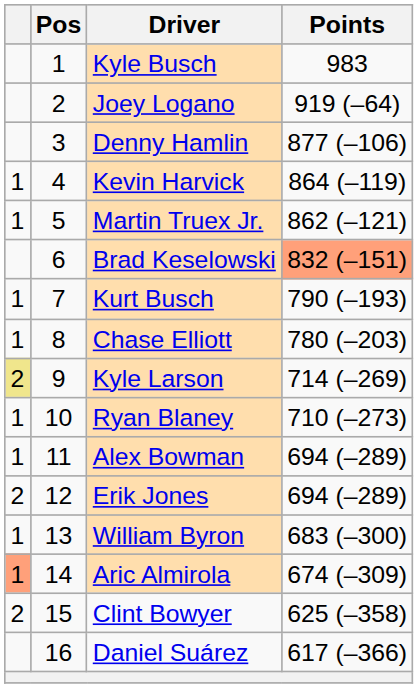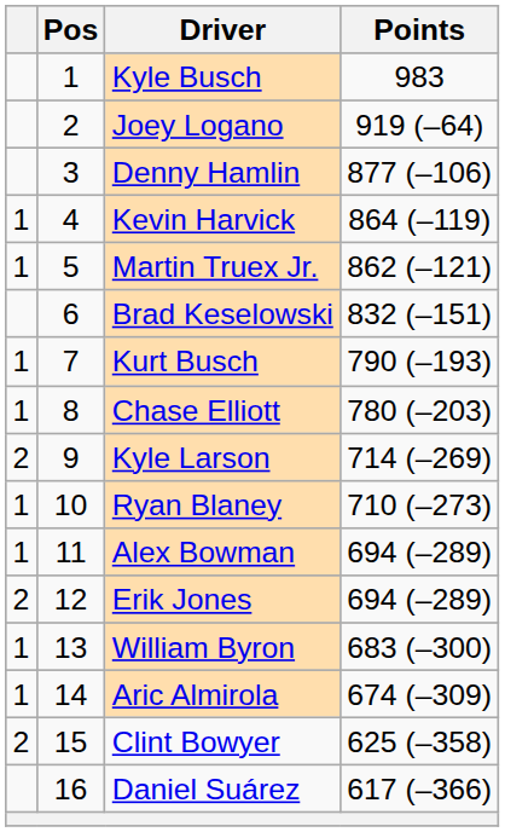 <table class="wikitable" style="font-size: 95%;">
 <tr>
 <th></th>
 <th>Pos</th>
 <th>Driver</th>
 <th>Points</th>
 </tr>
 <tr>
 <td align="left"></td>
 <td style="text-align:center;">1</td>
 <td style="background:#FFDEAD;"><a href='#'>Kyle Busch</a></td>
 <td style="text-align:center;">983</td>
 </tr>
 <tr>
 <td align="left"></td>
 <td style="text-align:center;">2</td>
 <td style="background:#FFDEAD;"><a href='#'>Joey Logano</a></td>
 <td style="text-align:center;">919 (–64)</td>
 </tr>
 <tr>
 <td align="left"></td>
 <td style="text-align:center;">3</td>
 <td style="background:#FFDEAD;"><a href='#'>Denny Hamlin</a></td>
 <td style="text-align:center;">877 (–106)</td>
 </tr>
 <tr>
 <td align="left"> 1</td>
 <td style="text-align:center;">4</td>
 <td style="background:#FFDEAD;"><a href='#'>Kevin Harvick</a></td>
 <td style="text-align:center;">864 (–119)</td>
 </tr>
 <tr>
 <td align="left"> 1</td>
 <td style="text-align:center;">5</td>
 <td style="background:#FFDEAD;"><a href='#'>Martin Truex Jr.</a></td>
 <td style="text-align:center;">862 (–121)</td>
 </tr>
 <tr>
 <td align="left"></td>
 <td style="text-align:center;">6</td>
 <td style="background:#FFDEAD;"><a href='#'>Brad Keselowski</a></td>
-<td style="background: lightsalmon; text-align:center;">832 (–151)</td>
+<td style="text-align:center;">832 (–151)</td>
 </tr>
 <tr>
 <td align="left"> 1</td>
 <td style="text-align:center;">7</td>
 <td style="background:#FFDEAD;"><a href='#'>Kurt Busch</a></td>
 <td style="text-align:center;">790 (–193)</td>
 </tr>
 <tr>
 <td align="left"> 1</td>
 <td style="text-align:center;">8</td>
 <td style="background:#FFDEAD;"><a href='#'>Chase Elliott</a></td>
 <td style="text-align:center;">780 (–203)</td>
 </tr>
 <tr>
-<td align="left" style="background: khaki;"> 2</td>
+<td align="left"> 2</td>
 <td style="text-align:center;">9</td>
 <td style="background:#FFDEAD;"><a href='#'>Kyle Larson</a></td>
 <td style="text-align:center;">714 (–269)</td>
 </tr>
 <tr>
 <td align="left"> 1</td>
 <td style="text-align:center;">10</td>
 <td style="background:#FFDEAD;"><a href='#'>Ryan Blaney</a></td>
 <td style="text-align:center;">710 (–273)</td>
 </tr>
 <tr>
 <td align="left"> 1</td>
 <td style="text-align:center;">11</td>
 <td style="background:#FFDEAD;"><a href='#'>Alex Bowman</a></td>
 <td style="text-align:center;">694 (–289)</td>
 </tr>
 <tr>
 <td align="left"> 2</td>
 <td style="text-align:center;">12</td>
 <td style="background:#FFDEAD;"><a href='#'>Erik Jones</a></td>
 <td style="text-align:center;">694 (–289)</td>
 </tr>
 <tr>
 <td align="left"> 1</td>
 <td style="text-align:center;">13</td>
 <td style="background:#FFDEAD;"><a href='#'>William Byron</a></td>
 <td style="text-align:center;">683 (–300)</td>
 </tr>
 <tr>
-<td align="left" style="background: lightsalmon;"> 1</td>
+<td align="left"> 1</td>
 <td style="text-align:center;">14</td>
 <td style="background:#FFDEAD;"><a href='#'>Aric Almirola</a></td>
 <td style="text-align:center;">674 (–309)</td>
 </tr>
 <tr>
 <td align="left"> 2</td>
 <td style="text-align:center;">15</td>
 <td><a href='#'>Clint Bowyer</a></td>
 <td style="text-align:center;">625 (–358)</td>
 </tr>
 <tr>
 <td align="left"></td>
 <td style="text-align:center;">16</td>
 <td><a href='#'>Daniel Suárez</a></td>
 <td style="text-align:center;">617 (–366)</td>
 </tr>
 <tr class="sortbottom">
 <th colspan="9"></th>
 </tr>
 </table>
